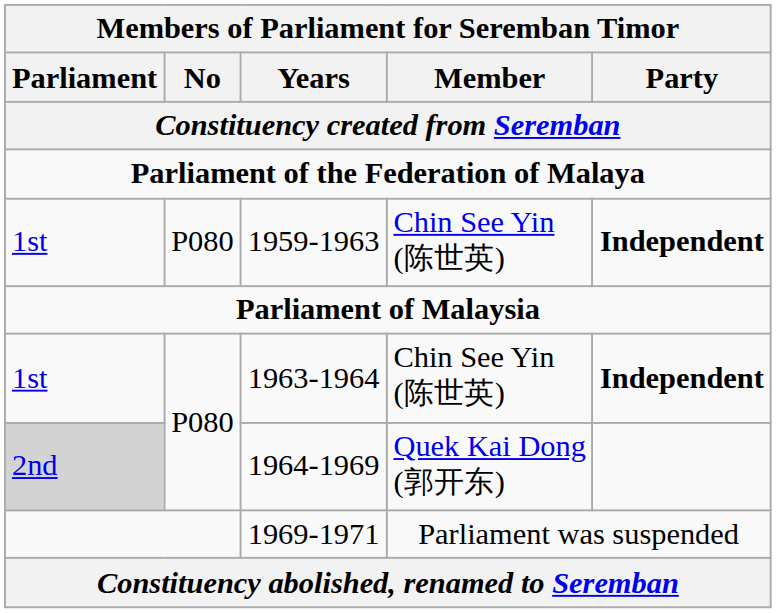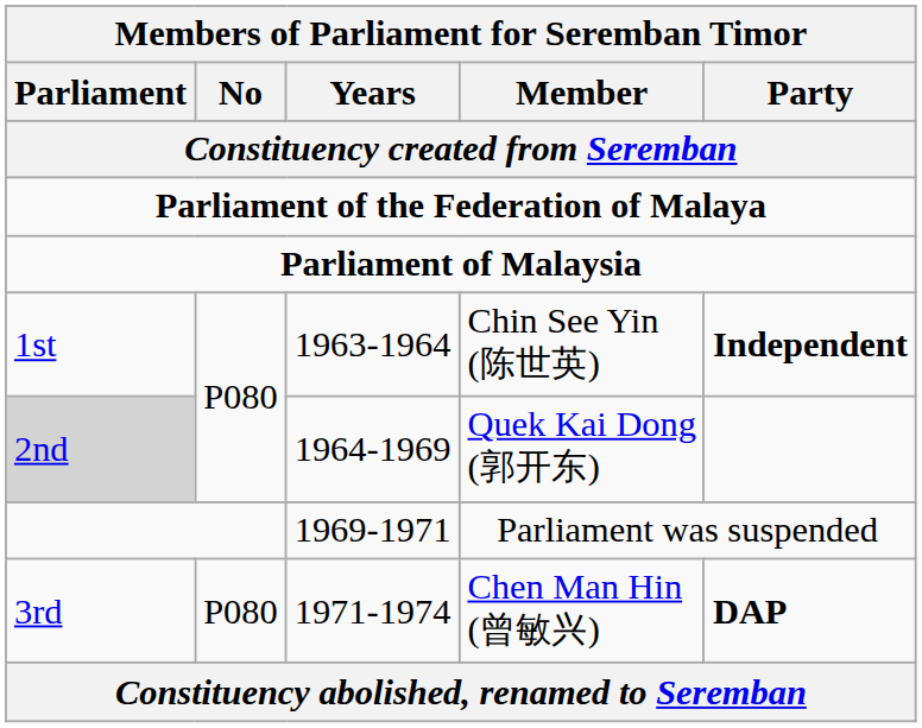 <table class=wikitable>
 <tr>
 <th colspan="5">Members of Parliament for Seremban Timor</th>
 </tr>
 <tr>
 <th>Parliament</th>
 <th>No</th>
 <th>Years</th>
 <th>Member</th>
 <th>Party</th>
 </tr>
 <tr>
 <th colspan="5" align="center"><em>Constituency created from <a href='#'>Seremban</a></em></th>
 </tr>
 <tr>
 <td colspan="5" align="center"><strong>Parliament of the Federation of Malaya</strong></td>
-</tr>
-<tr>
-<td><a href='#'>1st</a></td>
-<td>P080</td>
-<td>1959-1963</td>
-<td><a href='#'>Chin See Yin</a>  <br>(陈世英)</td>
-<td><strong>Independent</strong></td>
 </tr>
 <tr>
 <td colspan="5" align="center"><strong>Parliament of Malaysia</strong></td>
 </tr>
 <tr>
 <td><a href='#'>1st</a></td>
 <td rowspan="2">P080</td>
 <td>1963-1964</td>
 <td>Chin See Yin <br> (陈世英)</td>
 <td><strong>Independent</strong></td>
 </tr>
 <tr>
 <td style="background: lightgrey;"><a href='#'>2nd</a></td>
 <td>1964-1969</td>
 <td><a href='#'>Quek Kai Dong</a>  <br>(郭开东)</td>
 <td></td>
 </tr>
 <tr>
 <td colspan="2"></td>
 <td>1969-1971</td>
 <td colspan=2 align=center>Parliament was suspended</td>
 </tr>
 <tr>
+<td><a href='#'>3rd</a></td>
+<td>P080</td>
+<td>1971-1974</td>
+<td><a href='#'>Chen Man Hin</a> <br> (曾敏兴)</td>
+<td><strong>DAP</strong></td>
+</tr>
+<tr>
 <th colspan="5" align="center"><em>Constituency abolished, renamed to <a href='#'>Seremban</a></em></th>
 </tr>
 </table>
